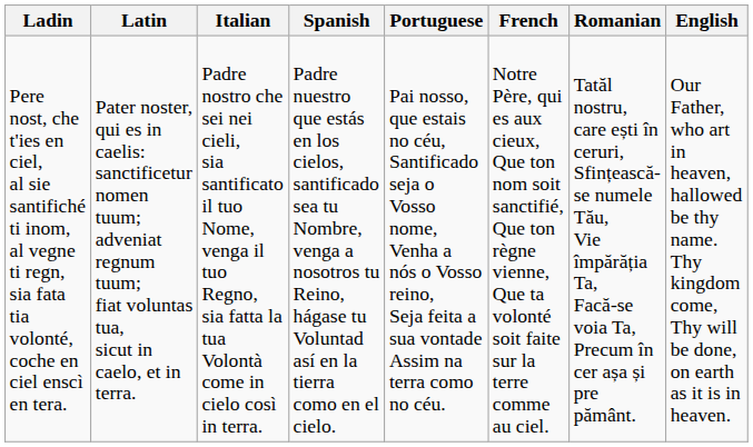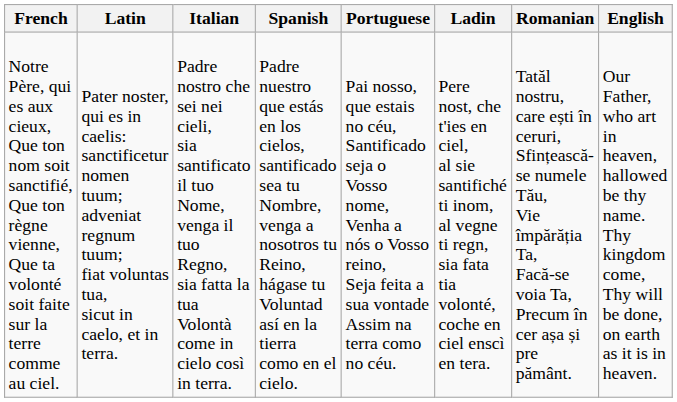 <table class="wikitable">
 <tr>
-<th>Ladin</th>
+<th>French</th>
 <th>Latin</th>
 <th>Italian</th>
 <th>Spanish</th>
 <th>Portuguese</th>
-<th>French</th>
+<th>Ladin</th>
 <th>Romanian</th>
 <th>English</th>
 </tr>
 <tr>
-<td lang="lad"><br>Pere nost, che t'ies en ciel,<br> al sie santifiché ti inom,<br> al vegne ti regn,<br> sia fata tia volonté,<br> coche en ciel enscì en tera.</td>
+<td lang="fr"><br>Notre Père, qui es aux cieux,<br> Que ton nom soit sanctifié,<br> Que ton règne vienne,<br> Que ta volonté soit faite <br> sur la terre comme au ciel.<br></td>
 <td lang="la"><br>Pater noster, qui es in caelis:<br> sanctificetur nomen tuum;<br> adveniat regnum tuum;<br> fiat voluntas tua,<br> sicut in caelo, et in terra.</td>
 <td lang="it"><br>Padre nostro che sei nei cieli,<br> sia santificato il tuo Nome,<br> venga il tuo Regno,<br> sia fatta la tua Volontà<br> come in cielo così in terra.<br></td>
 <td lang="es"><br>Padre nuestro que estás en los cielos,<br> santificado sea tu Nombre,<br> venga a nosotros tu Reino,<br> hágase tu Voluntad<br> así en la tierra como en el cielo.<br></td>
 <td lang="pt"><br>Pai nosso, que estais no céu,<br> Santificado seja o Vosso nome,<br> Venha a nós o Vosso reino,<br> Seja feita a sua vontade<br> Assim na terra como no céu.<br></td>
-<td lang="fr"><br>Notre Père, qui es aux cieux,<br> Que ton nom soit sanctifié,<br> Que ton règne vienne,<br> Que ta volonté soit faite <br> sur la terre comme au ciel.<br></td>
+<td lang="lad"><br>Pere nost, che t'ies en ciel,<br> al sie santifiché ti inom,<br> al vegne ti regn,<br> sia fata tia volonté,<br> coche en ciel enscì en tera.</td>
 <td lang="ro"><br>Tatăl nostru, care ești în ceruri,<br> Sfințească-se numele Tău,<br> Vie împărăția Ta,<br> Facă-se voia Ta,<br> Precum în cer așa și pre pământ.<br></td>
 <td><br>Our Father, who art in heaven,<br> hallowed be thy name.<br> Thy kingdom come,<br> Thy will be done,<br> on earth as it is in heaven.</td>
 </tr>
 </table>
